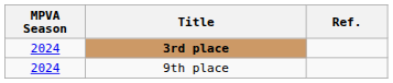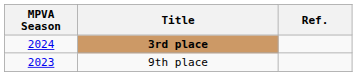 <table class="wikitable">
 <tr>
 <th width=80px>MPVA Season</th>
 <th width=230px>Title</th>
 <th width=80px>Ref.</th>
 </tr>
 <tr align=center>
 <td><a href='#'>2024</a></td>
 <td style="background:#c96;"><strong>3rd place</strong></td>
 <td></td>
 </tr>
 <tr align=center>
-<td><a href='#'>2024</a></td>
+<td><a href='#'>2023</a></td>
 <td>9th place</td>
 <td></td>
 </tr>
 </table>
